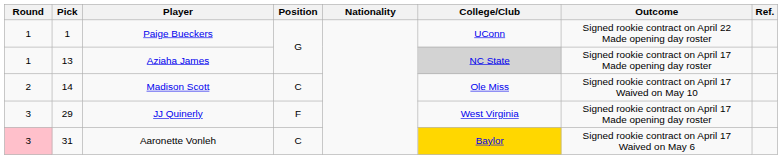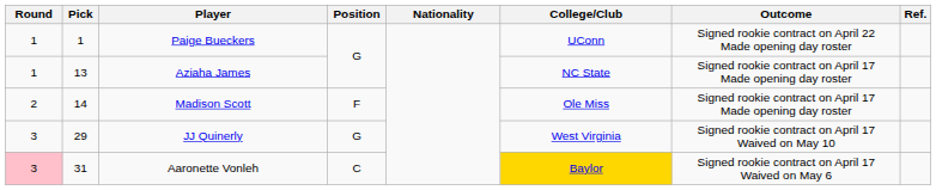 <table class="wikitable sortable sortable" style="text-align: center">
 <tr>
 <th width="5%">Round</th>
 <th width="3%">Pick</th>
 <th width="20%">Player</th>
 <th width="3%">Position</th>
 <th width="10%">Nationality</th>
 <th width="15%">College/Club</th>
 <th width="20%">Outcome</th>
 <th width="1%">Ref.</th>
 </tr>
 <tr>
 <td>1</td>
 <td>1</td>
 <td><a href='#'>Paige Bueckers</a></td>
 <td rowspan=2>G</td>
 <td rowspan=5></td>
 <td><a href='#'>UConn</a></td>
 <td>Signed rookie contract on April 22<br>Made opening day roster</td>
 <td></td>
 </tr>
 <tr>
 <td>1</td>
 <td>13</td>
 <td><a href='#'>Aziaha James</a></td>
-<td style="background: lightgrey;"><a href='#'>NC State</a></td>
+<td><a href='#'>NC State</a></td>
 <td>Signed rookie contract on April 17<br>Made opening day roster</td>
 <td></td>
 </tr>
 <tr>
 <td>2</td>
 <td>14</td>
 <td><a href='#'>Madison Scott</a></td>
-<td>C</td>
+<td>F</td>
 <td><a href='#'>Ole Miss</a></td>
-<td>Signed rookie contract on April 17<br> Waived on May 10</td>
+<td>Signed rookie contract on April 17<br>Made opening day roster</td>
 <td></td>
 </tr>
 <tr>
 <td>3</td>
 <td>29</td>
 <td><a href='#'>JJ Quinerly</a></td>
-<td>F</td>
+<td>G</td>
 <td><a href='#'>West Virginia</a></td>
-<td>Signed rookie contract on April 17<br>Made opening day roster</td>
+<td>Signed rookie contract on April 17<br> Waived on May 10</td>
 <td></td>
 </tr>
 <tr>
 <td style="background: pink;">3</td>
 <td>31</td>
 <td>Aaronette Vonleh</td>
 <td>C</td>
 <td style="background: gold;"><a href='#'>Baylor</a></td>
 <td>Signed rookie contract on April 17<br> Waived on May 6</td>
 <td></td>
 </tr>
 </table>
